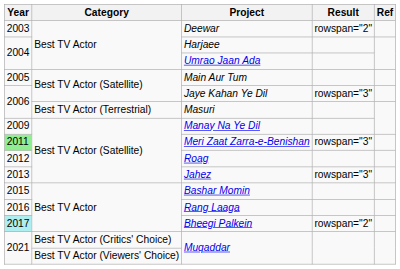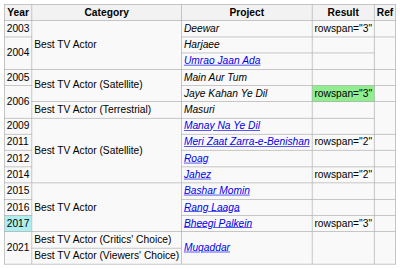 <table class="wikitable style">
 <tr>
 <th>Year</th>
 <th>Category</th>
 <th>Project</th>
 <th>Result</th>
 <th>Ref</th>
 </tr>
 <tr>
 <td>2003</td>
 <td rowspan="3">Best TV Actor</td>
 <td><em>Deewar</em></td>
-<td>rowspan="2" </td>
+<td>rowspan="3" </td>
 <td></td>
 </tr>
 <tr>
 <td rowspan="2">2004</td>
 <td><em>Harjaee</em></td>
 <td></td>
 </tr>
 <tr>
 <td><em><a href='#'>Umrao Jaan Ada</a></em></td>
 <td></td>
 </tr>
 <tr>
 <td>2005</td>
 <td rowspan="2">Best TV Actor (Satellite)</td>
 <td><em>Main Aur Tum</em></td>
 <td></td>
 <td></td>
 </tr>
 <tr>
 <td rowspan="2">2006</td>
 <td><em>Jaye Kahan Ye Dil</em></td>
-<td>rowspan="3" </td>
+<td style="background: lightgreen;">rowspan="3" </td>
 <td></td>
 </tr>
 <tr>
 <td>Best TV Actor (Terrestrial)</td>
 <td><em>Masuri</em></td>
 <td></td>
 </tr>
 <tr>
 <td>2009</td>
 <td rowspan="4">Best TV Actor (Satellite)</td>
 <td><em><a href='#'>Manay Na Ye Dil</a></em></td>
 <td></td>
 </tr>
 <tr>
-<td style="background: lightgreen;">2011</td>
+<td>2011</td>
 <td><em><a href='#'>Meri Zaat Zarra-e-Benishan</a></em></td>
-<td>rowspan="3" </td>
+<td>rowspan="2" </td>
 <td></td>
 </tr>
 <tr>
 <td>2012</td>
 <td><em><a href='#'>Roag</a></em></td>
 <td></td>
 </tr>
 <tr>
-<td>2013</td>
+<td>2014</td>
 <td><em><a href='#'>Jahez</a></em></td>
-<td>rowspan="3" </td>
+<td>rowspan="2" </td>
 <td></td>
 </tr>
 <tr>
 <td>2015</td>
 <td rowspan="3">Best TV Actor</td>
 <td><em><a href='#'>Bashar Momin</a></em></td>
 <td></td>
 </tr>
 <tr>
 <td>2016</td>
 <td><em><a href='#'>Rang Laaga</a></em></td>
 <td></td>
 <td></td>
 </tr>
 <tr>
 <td style="background: paleturquoise;">2017</td>
 <td><em><a href='#'>Bheegi Palkein</a></em></td>
-<td>rowspan="2" </td>
+<td>rowspan="3" </td>
 <td></td>
 </tr>
 <tr>
 <td rowspan="2">2021</td>
 <td>Best TV Actor (Critics' Choice)</td>
 <td rowspan=2><em><a href='#'>Muqaddar</a></em></td>
 <td rowspan="2"></td>
 </tr>
 <tr>
 <td>Best TV Actor (Viewers' Choice)</td>
 </tr>
 </table>
